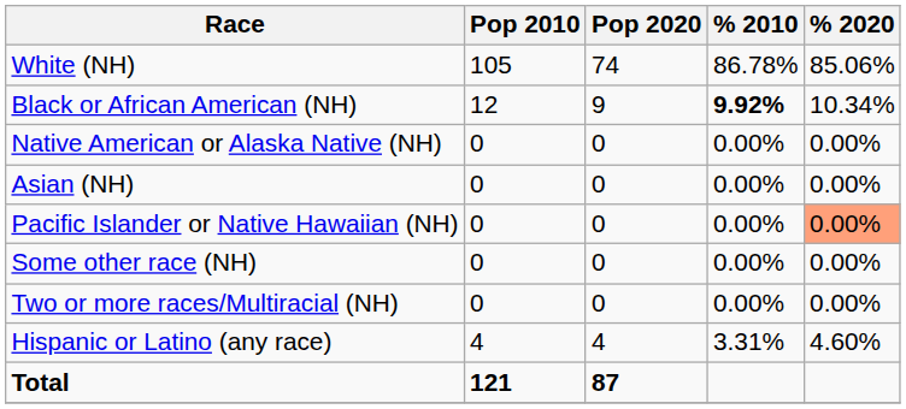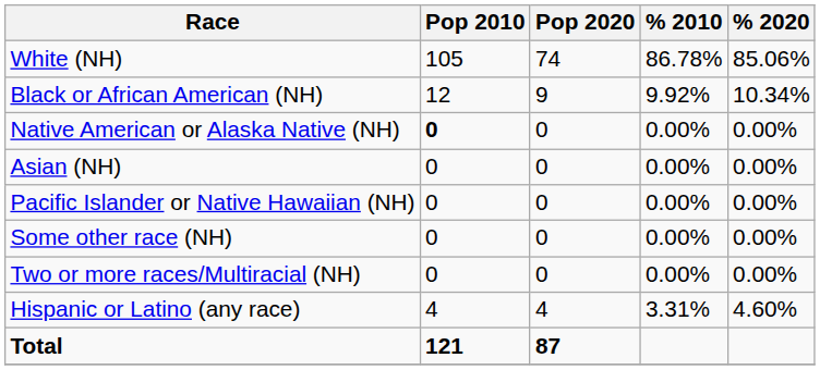 <table class="wikitable">
 <tr>
 <th>Race</th>
 <th>Pop 2010</th>
 <th>Pop 2020</th>
 <th>% 2010</th>
 <th>% 2020</th>
 </tr>
 <tr>
 <td><a href='#'>White</a> (NH)</td>
 <td>105</td>
 <td>74</td>
 <td>86.78%</td>
 <td>85.06%</td>
 </tr>
 <tr>
 <td><a href='#'>Black or African American</a> (NH)</td>
 <td>12</td>
 <td>9</td>
-<td><strong>9.92%</strong></td>
+<td>9.92%</td>
 <td>10.34%</td>
 </tr>
 <tr>
 <td><a href='#'>Native American</a> or <a href='#'>Alaska Native</a> (NH)</td>
-<td>0</td>
+<td><strong>0</strong></td>
 <td>0</td>
 <td>0.00%</td>
 <td>0.00%</td>
 </tr>
 <tr>
 <td><a href='#'>Asian</a> (NH)</td>
 <td>0</td>
 <td>0</td>
 <td>0.00%</td>
 <td>0.00%</td>
 </tr>
 <tr>
 <td><a href='#'>Pacific Islander</a> or <a href='#'>Native Hawaiian</a> (NH)</td>
 <td>0</td>
 <td>0</td>
 <td>0.00%</td>
-<td style="background: lightsalmon;">0.00%</td>
+<td>0.00%</td>
 </tr>
 <tr>
 <td><a href='#'>Some other race</a> (NH)</td>
 <td>0</td>
 <td>0</td>
 <td>0.00%</td>
 <td>0.00%</td>
 </tr>
 <tr>
 <td><a href='#'>Two or more races/Multiracial</a> (NH)</td>
 <td>0</td>
 <td>0</td>
 <td>0.00%</td>
 <td>0.00%</td>
 </tr>
 <tr>
 <td><a href='#'>Hispanic or Latino</a> (any race)</td>
 <td>4</td>
 <td>4</td>
 <td>3.31%</td>
 <td>4.60%</td>
 </tr>
 <tr>
 <td><strong>Total</strong></td>
 <td><strong>121</strong></td>
 <td><strong>87</strong></td>
 <td></td>
 <td></td>
 </tr>
 <tr>
 </tr>
 </table>
